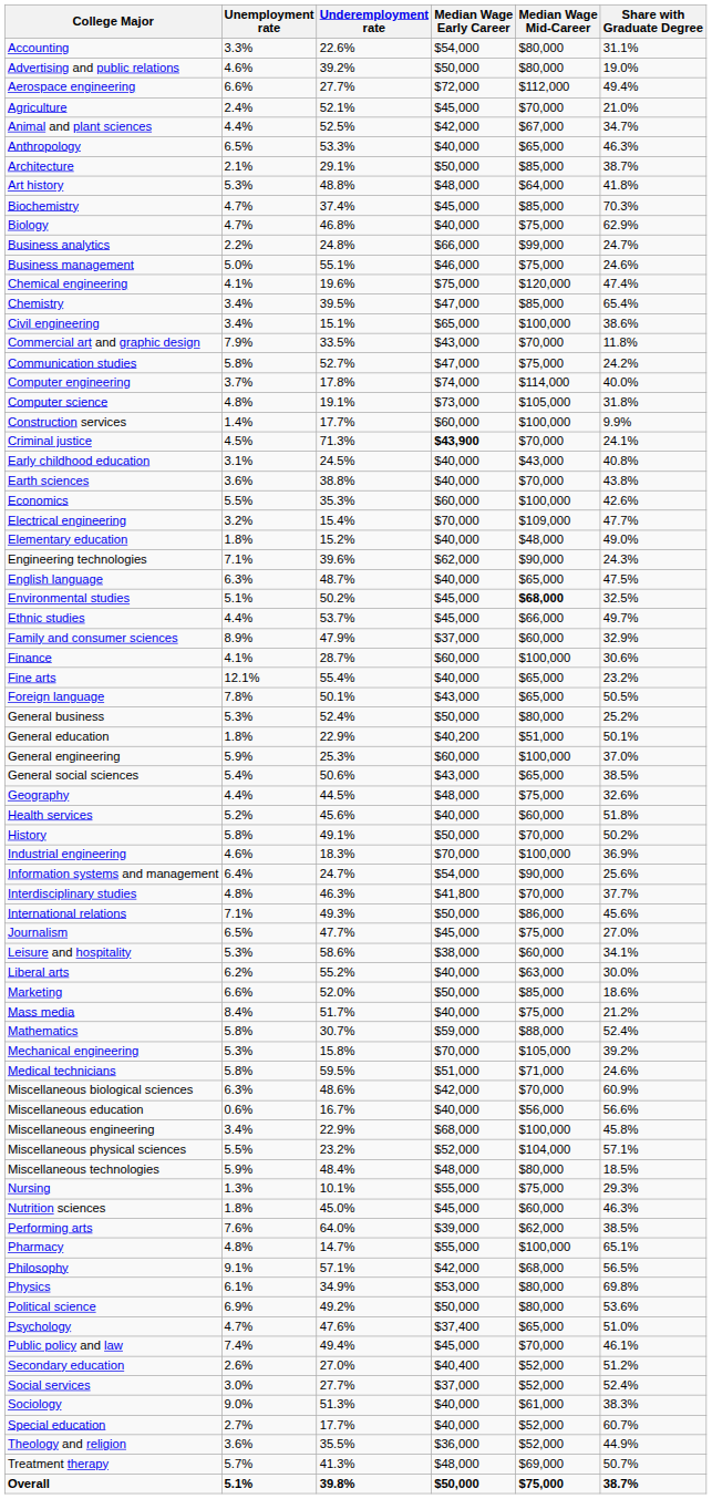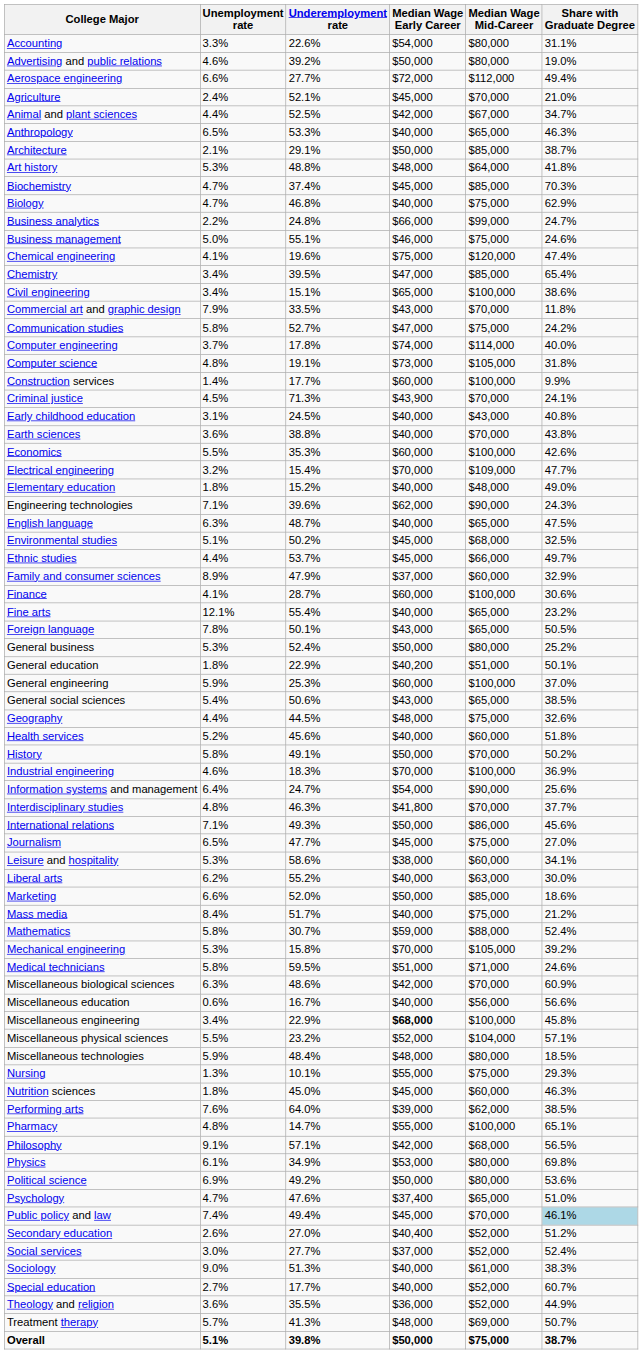 <table class="wikitable sortable">
 <tr>
 <th>College Major</th>
 <th>Unemployment<br>rate</th>
 <th><a href='#'>Underemployment</a><br>rate</th>
 <th>Median Wage<br>Early Career</th>
 <th>Median Wage<br>Mid-Career</th>
 <th>Share with<br>Graduate Degree</th>
 </tr>
 <tr>
 <td><a href='#'>Accounting</a></td>
 <td>3.3%</td>
 <td>22.6%</td>
 <td>$54,000</td>
 <td>$80,000</td>
 <td>31.1%</td>
 </tr>
 <tr>
 <td><a href='#'>Advertising</a> and <a href='#'>public relations</a></td>
 <td>4.6%</td>
 <td>39.2%</td>
 <td>$50,000</td>
 <td>$80,000</td>
 <td>19.0%</td>
 </tr>
 <tr>
 <td><a href='#'>Aerospace engineering</a></td>
 <td>6.6%</td>
 <td>27.7%</td>
 <td>$72,000</td>
 <td>$112,000</td>
 <td>49.4%</td>
 </tr>
 <tr>
 <td><a href='#'>Agriculture</a></td>
 <td>2.4%</td>
 <td>52.1%</td>
 <td>$45,000</td>
 <td>$70,000</td>
 <td>21.0%</td>
 </tr>
 <tr>
 <td><a href='#'>Animal</a> and <a href='#'>plant sciences</a></td>
 <td>4.4%</td>
 <td>52.5%</td>
 <td>$42,000</td>
 <td>$67,000</td>
 <td>34.7%</td>
 </tr>
 <tr>
 <td><a href='#'>Anthropology</a></td>
 <td>6.5%</td>
 <td>53.3%</td>
 <td>$40,000</td>
 <td>$65,000</td>
 <td>46.3%</td>
 </tr>
 <tr>
 <td><a href='#'>Architecture</a></td>
 <td>2.1%</td>
 <td>29.1%</td>
 <td>$50,000</td>
 <td>$85,000</td>
 <td>38.7%</td>
 </tr>
 <tr>
 <td><a href='#'>Art history</a></td>
 <td>5.3%</td>
 <td>48.8%</td>
 <td>$48,000</td>
 <td>$64,000</td>
 <td>41.8%</td>
 </tr>
 <tr>
 <td><a href='#'>Biochemistry</a></td>
 <td>4.7%</td>
 <td>37.4%</td>
 <td>$45,000</td>
 <td>$85,000</td>
 <td>70.3%</td>
 </tr>
 <tr>
 <td><a href='#'>Biology</a></td>
 <td>4.7%</td>
 <td>46.8%</td>
 <td>$40,000</td>
 <td>$75,000</td>
 <td>62.9%</td>
 </tr>
 <tr>
 <td><a href='#'>Business analytics</a></td>
 <td>2.2%</td>
 <td>24.8%</td>
 <td>$66,000</td>
 <td>$99,000</td>
 <td>24.7%</td>
 </tr>
 <tr>
 <td><a href='#'>Business management</a></td>
 <td>5.0%</td>
 <td>55.1%</td>
 <td>$46,000</td>
 <td>$75,000</td>
 <td>24.6%</td>
 </tr>
 <tr>
 <td><a href='#'>Chemical engineering</a></td>
 <td>4.1%</td>
 <td>19.6%</td>
 <td>$75,000</td>
 <td>$120,000</td>
 <td>47.4%</td>
 </tr>
 <tr>
 <td><a href='#'>Chemistry</a></td>
 <td>3.4%</td>
 <td>39.5%</td>
 <td>$47,000</td>
 <td>$85,000</td>
 <td>65.4%</td>
 </tr>
 <tr>
 <td><a href='#'>Civil engineering</a></td>
 <td>3.4%</td>
 <td>15.1%</td>
 <td>$65,000</td>
 <td>$100,000</td>
 <td>38.6%</td>
 </tr>
 <tr>
 <td><a href='#'>Commercial art</a> and <a href='#'>graphic design</a></td>
 <td>7.9%</td>
 <td>33.5%</td>
 <td>$43,000</td>
 <td>$70,000</td>
 <td>11.8%</td>
 </tr>
 <tr>
 <td><a href='#'>Communication studies</a></td>
 <td>5.8%</td>
 <td>52.7%</td>
 <td>$47,000</td>
 <td>$75,000</td>
 <td>24.2%</td>
 </tr>
 <tr>
 <td><a href='#'>Computer engineering</a></td>
 <td>3.7%</td>
 <td>17.8%</td>
 <td>$74,000</td>
 <td>$114,000</td>
 <td>40.0%</td>
 </tr>
 <tr>
 <td><a href='#'>Computer science</a></td>
 <td>4.8%</td>
 <td>19.1%</td>
 <td>$73,000</td>
 <td>$105,000</td>
 <td>31.8%</td>
 </tr>
 <tr>
 <td><a href='#'>Construction</a> services</td>
 <td>1.4%</td>
 <td>17.7%</td>
 <td>$60,000</td>
 <td>$100,000</td>
 <td>9.9%</td>
 </tr>
 <tr>
 <td><a href='#'>Criminal justice</a></td>
 <td>4.5%</td>
 <td>71.3%</td>
-<td><strong>$43,900</strong></td>
+<td>$43,900</td>
 <td>$70,000</td>
 <td>24.1%</td>
 </tr>
 <tr>
 <td><a href='#'>Early childhood education</a></td>
 <td>3.1%</td>
 <td>24.5%</td>
 <td>$40,000</td>
 <td>$43,000</td>
 <td>40.8%</td>
 </tr>
 <tr>
 <td><a href='#'>Earth sciences</a></td>
 <td>3.6%</td>
 <td>38.8%</td>
 <td>$40,000</td>
 <td>$70,000</td>
 <td>43.8%</td>
 </tr>
 <tr>
 <td><a href='#'>Economics</a></td>
 <td>5.5%</td>
 <td>35.3%</td>
 <td>$60,000</td>
 <td>$100,000</td>
 <td>42.6%</td>
 </tr>
 <tr>
 <td><a href='#'>Electrical engineering</a></td>
 <td>3.2%</td>
 <td>15.4%</td>
 <td>$70,000</td>
 <td>$109,000</td>
 <td>47.7%</td>
 </tr>
 <tr>
 <td><a href='#'>Elementary education</a></td>
 <td>1.8%</td>
 <td>15.2%</td>
 <td>$40,000</td>
 <td>$48,000</td>
 <td>49.0%</td>
 </tr>
 <tr>
 <td>Engineering technologies</td>
 <td>7.1%</td>
 <td>39.6%</td>
 <td>$62,000</td>
 <td>$90,000</td>
 <td>24.3%</td>
 </tr>
 <tr>
 <td><a href='#'>English language</a></td>
 <td>6.3%</td>
 <td>48.7%</td>
 <td>$40,000</td>
 <td>$65,000</td>
 <td>47.5%</td>
 </tr>
 <tr>
 <td><a href='#'>Environmental studies</a></td>
 <td>5.1%</td>
 <td>50.2%</td>
 <td>$45,000</td>
-<td><strong>$68,000</strong></td>
+<td>$68,000</td>
 <td>32.5%</td>
 </tr>
 <tr>
 <td><a href='#'>Ethnic studies</a></td>
 <td>4.4%</td>
 <td>53.7%</td>
 <td>$45,000</td>
 <td>$66,000</td>
 <td>49.7%</td>
 </tr>
 <tr>
 <td><a href='#'>Family and consumer sciences</a></td>
 <td>8.9%</td>
 <td>47.9%</td>
 <td>$37,000</td>
 <td>$60,000</td>
 <td>32.9%</td>
 </tr>
 <tr>
 <td><a href='#'>Finance</a></td>
 <td>4.1%</td>
 <td>28.7%</td>
 <td>$60,000</td>
 <td>$100,000</td>
 <td>30.6%</td>
 </tr>
 <tr>
 <td><a href='#'>Fine arts</a></td>
 <td>12.1%</td>
 <td>55.4%</td>
 <td>$40,000</td>
 <td>$65,000</td>
 <td>23.2%</td>
 </tr>
 <tr>
 <td><a href='#'>Foreign language</a></td>
 <td>7.8%</td>
 <td>50.1%</td>
 <td>$43,000</td>
 <td>$65,000</td>
 <td>50.5%</td>
 </tr>
 <tr>
 <td>General business</td>
 <td>5.3%</td>
 <td>52.4%</td>
 <td>$50,000</td>
 <td>$80,000</td>
 <td>25.2%</td>
 </tr>
 <tr>
 <td>General education</td>
 <td>1.8%</td>
 <td>22.9%</td>
 <td>$40,200</td>
 <td>$51,000</td>
 <td>50.1%</td>
 </tr>
 <tr>
 <td>General engineering</td>
 <td>5.9%</td>
 <td>25.3%</td>
 <td>$60,000</td>
 <td>$100,000</td>
 <td>37.0%</td>
 </tr>
 <tr>
 <td>General social sciences</td>
 <td>5.4%</td>
 <td>50.6%</td>
 <td>$43,000</td>
 <td>$65,000</td>
 <td>38.5%</td>
 </tr>
 <tr>
 <td><a href='#'>Geography</a></td>
 <td>4.4%</td>
 <td>44.5%</td>
 <td>$48,000</td>
 <td>$75,000</td>
 <td>32.6%</td>
 </tr>
 <tr>
 <td><a href='#'>Health services</a></td>
 <td>5.2%</td>
 <td>45.6%</td>
 <td>$40,000</td>
 <td>$60,000</td>
 <td>51.8%</td>
 </tr>
 <tr>
 <td><a href='#'>History</a></td>
 <td>5.8%</td>
 <td>49.1%</td>
 <td>$50,000</td>
 <td>$70,000</td>
 <td>50.2%</td>
 </tr>
 <tr>
 <td><a href='#'>Industrial engineering</a></td>
 <td>4.6%</td>
 <td>18.3%</td>
 <td>$70,000</td>
 <td>$100,000</td>
 <td>36.9%</td>
 </tr>
 <tr>
 <td><a href='#'>Information systems</a> and management</td>
 <td>6.4%</td>
 <td>24.7%</td>
 <td>$54,000</td>
 <td>$90,000</td>
 <td>25.6%</td>
 </tr>
 <tr>
 <td><a href='#'>Interdisciplinary studies</a></td>
 <td>4.8%</td>
 <td>46.3%</td>
 <td>$41,800</td>
 <td>$70,000</td>
 <td>37.7%</td>
 </tr>
 <tr>
 <td><a href='#'>International relations</a></td>
 <td>7.1%</td>
 <td>49.3%</td>
 <td>$50,000</td>
 <td>$86,000</td>
 <td>45.6%</td>
 </tr>
 <tr>
 <td><a href='#'>Journalism</a></td>
 <td>6.5%</td>
 <td>47.7%</td>
 <td>$45,000</td>
 <td>$75,000</td>
 <td>27.0%</td>
 </tr>
 <tr>
 <td><a href='#'>Leisure</a> and <a href='#'>hospitality</a></td>
 <td>5.3%</td>
 <td>58.6%</td>
 <td>$38,000</td>
 <td>$60,000</td>
 <td>34.1%</td>
 </tr>
 <tr>
 <td><a href='#'>Liberal arts</a></td>
 <td>6.2%</td>
 <td>55.2%</td>
 <td>$40,000</td>
 <td>$63,000</td>
 <td>30.0%</td>
 </tr>
 <tr>
 <td><a href='#'>Marketing</a></td>
 <td>6.6%</td>
 <td>52.0%</td>
 <td>$50,000</td>
 <td>$85,000</td>
 <td>18.6%</td>
 </tr>
 <tr>
 <td><a href='#'>Mass media</a></td>
 <td>8.4%</td>
 <td>51.7%</td>
 <td>$40,000</td>
 <td>$75,000</td>
 <td>21.2%</td>
 </tr>
 <tr>
 <td><a href='#'>Mathematics</a></td>
 <td>5.8%</td>
 <td>30.7%</td>
 <td>$59,000</td>
 <td>$88,000</td>
 <td>52.4%</td>
 </tr>
 <tr>
 <td><a href='#'>Mechanical engineering</a></td>
 <td>5.3%</td>
 <td>15.8%</td>
 <td>$70,000</td>
 <td>$105,000</td>
 <td>39.2%</td>
 </tr>
 <tr>
 <td><a href='#'>Medical technicians</a></td>
 <td>5.8%</td>
 <td>59.5%</td>
 <td>$51,000</td>
 <td>$71,000</td>
 <td>24.6%</td>
 </tr>
 <tr>
 <td>Miscellaneous biological sciences</td>
 <td>6.3%</td>
 <td>48.6%</td>
 <td>$42,000</td>
 <td>$70,000</td>
 <td>60.9%</td>
 </tr>
 <tr>
 <td>Miscellaneous education</td>
 <td>0.6%</td>
 <td>16.7%</td>
 <td>$40,000</td>
 <td>$56,000</td>
 <td>56.6%</td>
 </tr>
 <tr>
 <td>Miscellaneous engineering</td>
 <td>3.4%</td>
 <td>22.9%</td>
-<td>$68,000</td>
+<td><strong>$68,000</strong></td>
 <td>$100,000</td>
 <td>45.8%</td>
 </tr>
 <tr>
 <td>Miscellaneous physical sciences</td>
 <td>5.5%</td>
 <td>23.2%</td>
 <td>$52,000</td>
 <td>$104,000</td>
 <td>57.1%</td>
 </tr>
 <tr>
 <td>Miscellaneous technologies</td>
 <td>5.9%</td>
 <td>48.4%</td>
 <td>$48,000</td>
 <td>$80,000</td>
 <td>18.5%</td>
 </tr>
 <tr>
 <td><a href='#'>Nursing</a></td>
 <td>1.3%</td>
 <td>10.1%</td>
 <td>$55,000</td>
 <td>$75,000</td>
 <td>29.3%</td>
 </tr>
 <tr>
 <td><a href='#'>Nutrition</a> sciences</td>
 <td>1.8%</td>
 <td>45.0%</td>
 <td>$45,000</td>
 <td>$60,000</td>
 <td>46.3%</td>
 </tr>
 <tr>
 <td><a href='#'>Performing arts</a></td>
 <td>7.6%</td>
 <td>64.0%</td>
 <td>$39,000</td>
 <td>$62,000</td>
 <td>38.5%</td>
 </tr>
 <tr>
 <td><a href='#'>Pharmacy</a></td>
 <td>4.8%</td>
 <td>14.7%</td>
 <td>$55,000</td>
 <td>$100,000</td>
 <td>65.1%</td>
 </tr>
 <tr>
 <td><a href='#'>Philosophy</a></td>
 <td>9.1%</td>
 <td>57.1%</td>
 <td>$42,000</td>
 <td>$68,000</td>
 <td>56.5%</td>
 </tr>
 <tr>
 <td><a href='#'>Physics</a></td>
 <td>6.1%</td>
 <td>34.9%</td>
 <td>$53,000</td>
 <td>$80,000</td>
 <td>69.8%</td>
 </tr>
 <tr>
 <td><a href='#'>Political science</a></td>
 <td>6.9%</td>
 <td>49.2%</td>
 <td>$50,000</td>
 <td>$80,000</td>
 <td>53.6%</td>
 </tr>
 <tr>
 <td><a href='#'>Psychology</a></td>
 <td>4.7%</td>
 <td>47.6%</td>
 <td>$37,400</td>
 <td>$65,000</td>
 <td>51.0%</td>
 </tr>
 <tr>
 <td><a href='#'>Public policy</a> and <a href='#'>law</a></td>
 <td>7.4%</td>
 <td>49.4%</td>
 <td>$45,000</td>
 <td>$70,000</td>
-<td>46.1%</td>
+<td style="background: lightblue;">46.1%</td>
 </tr>
 <tr>
 <td><a href='#'>Secondary education</a></td>
 <td>2.6%</td>
 <td>27.0%</td>
 <td>$40,400</td>
 <td>$52,000</td>
 <td>51.2%</td>
 </tr>
 <tr>
 <td><a href='#'>Social services</a></td>
 <td>3.0%</td>
 <td>27.7%</td>
 <td>$37,000</td>
 <td>$52,000</td>
 <td>52.4%</td>
 </tr>
 <tr>
 <td><a href='#'>Sociology</a></td>
 <td>9.0%</td>
 <td>51.3%</td>
 <td>$40,000</td>
 <td>$61,000</td>
 <td>38.3%</td>
 </tr>
 <tr>
 <td><a href='#'>Special education</a></td>
 <td>2.7%</td>
 <td>17.7%</td>
 <td>$40,000</td>
 <td>$52,000</td>
 <td>60.7%</td>
 </tr>
 <tr>
 <td><a href='#'>Theology</a> and <a href='#'>religion</a></td>
 <td>3.6%</td>
 <td>35.5%</td>
 <td>$36,000</td>
 <td>$52,000</td>
 <td>44.9%</td>
 </tr>
 <tr>
 <td>Treatment <a href='#'>therapy</a></td>
 <td>5.7%</td>
 <td>41.3%</td>
 <td>$48,000</td>
 <td>$69,000</td>
 <td>50.7%</td>
 </tr>
 <tr>
 <td><strong>Overall</strong></td>
 <td><strong>5.1%</strong></td>
 <td><strong>39.8%</strong></td>
 <td><strong>$50,000</strong></td>
 <td><strong>$75,000</strong></td>
 <td><strong>38.7%</strong></td>
 </tr>
 </table>
